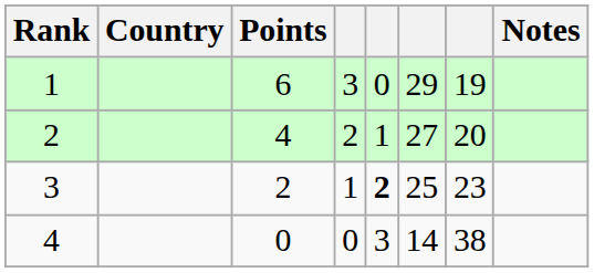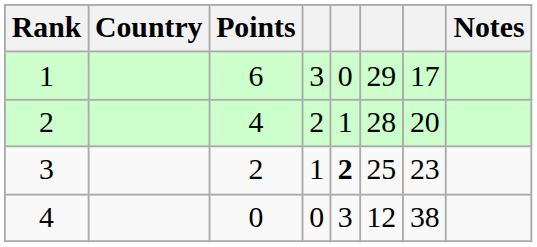 <table class="wikitable sortable" style="text-align: center;">
 <tr>
 <th>Rank</th>
 <th>Country</th>
 <th>Points</th>
 <th></th>
 <th></th>
 <th></th>
 <th></th>
 <th>Notes</th>
 </tr>
 <tr style="background:#cfc;">
 <td>1</td>
 <td align=left></td>
 <td>6</td>
 <td>3</td>
 <td>0</td>
 <td>29</td>
-<td>19</td>
+<td>17</td>
 <td></td>
 </tr>
 <tr style="background:#cfc;">
 <td>2</td>
 <td align=left></td>
 <td>4</td>
 <td>2</td>
 <td>1</td>
-<td>27</td>
+<td>28</td>
 <td>20</td>
 <td></td>
 </tr>
 <tr>
 <td>3</td>
 <td align=left></td>
 <td>2</td>
 <td>1</td>
 <td><strong>2</strong></td>
 <td>25</td>
 <td>23</td>
 <td></td>
 </tr>
 <tr>
 <td>4</td>
 <td align=left></td>
 <td>0</td>
 <td>0</td>
 <td>3</td>
-<td>14</td>
+<td>12</td>
 <td>38</td>
 <td></td>
 </tr>
 </table>
